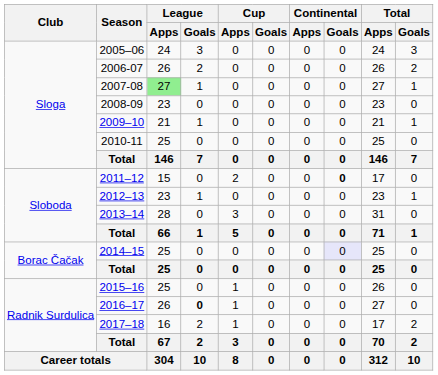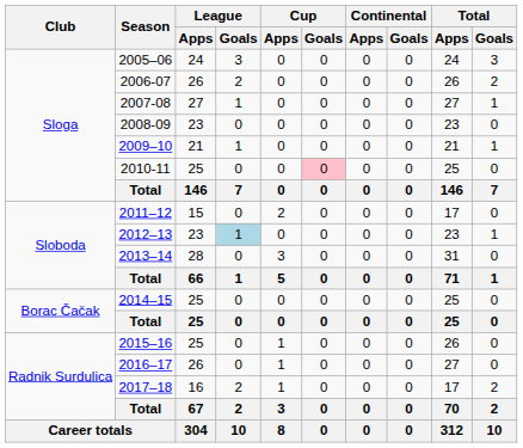 <table class="wikitable" style="text-align:center">
 <tr>
 <th rowspan="2">Club</th>
 <th rowspan="2">Season</th>
 <th colspan="2">League</th>
 <th colspan="2">Cup</th>
 <th colspan="2">Continental</th>
 <th colspan="2">Total</th>
 </tr>
 <tr>
 <th>Apps</th>
 <th>Goals</th>
 <th>Apps</th>
 <th>Goals</th>
 <th>Apps</th>
 <th>Goals</th>
 <th>Apps</th>
 <th>Goals</th>
 </tr>
 <tr>
 <td rowspan="7"><a href='#'>Sloga</a></td>
 <td>2005–06</td>
 <td>24</td>
 <td>3</td>
 <td>0</td>
 <td>0</td>
 <td>0</td>
 <td>0</td>
 <td>24</td>
 <td>3</td>
 </tr>
 <tr>
 <td>2006-07</td>
 <td>26</td>
 <td>2</td>
 <td>0</td>
 <td>0</td>
 <td>0</td>
 <td>0</td>
 <td>26</td>
 <td>2</td>
 </tr>
 <tr>
 <td>2007-08</td>
-<td style="background: lightgreen;">27</td>
+<td>27</td>
 <td>1</td>
 <td>0</td>
 <td>0</td>
 <td>0</td>
 <td>0</td>
 <td>27</td>
 <td>1</td>
 </tr>
 <tr>
 <td>2008-09</td>
 <td>23</td>
 <td>0</td>
 <td>0</td>
 <td>0</td>
 <td>0</td>
 <td>0</td>
 <td>23</td>
 <td>0</td>
 </tr>
 <tr>
 <td><a href='#'>2009–10</a></td>
 <td>21</td>
 <td>1</td>
 <td>0</td>
 <td>0</td>
 <td>0</td>
 <td>0</td>
 <td>21</td>
 <td>1</td>
 </tr>
 <tr>
 <td>2010-11</td>
 <td>25</td>
 <td>0</td>
 <td>0</td>
-<td>0</td>
+<td style="background: pink;">0</td>
 <td>0</td>
 <td>0</td>
 <td>25</td>
 <td>0</td>
 </tr>
 <tr>
 <th>Total</th>
 <th>146</th>
 <th>7</th>
 <th>0</th>
 <th>0</th>
 <th>0</th>
 <th>0</th>
 <th>146</th>
 <th>7</th>
 </tr>
 <tr>
 <td rowspan="4"><a href='#'>Sloboda</a></td>
 <td><a href='#'>2011–12</a></td>
 <td>15</td>
 <td>0</td>
 <td>2</td>
 <td>0</td>
 <td>0</td>
-<td><strong>0</strong></td>
+<td>0</td>
 <td>17</td>
 <td>0</td>
 </tr>
 <tr>
 <td><a href='#'>2012–13</a></td>
 <td>23</td>
-<td>1</td>
+<td style="background: lightblue;">1</td>
 <td>0</td>
 <td>0</td>
 <td>0</td>
 <td>0</td>
 <td>23</td>
 <td>1</td>
 </tr>
 <tr>
 <td><a href='#'>2013–14</a></td>
 <td>28</td>
 <td>0</td>
 <td>3</td>
 <td>0</td>
 <td>0</td>
 <td>0</td>
 <td>31</td>
 <td>0</td>
 </tr>
 <tr>
 <th>Total</th>
 <th>66</th>
 <th>1</th>
 <th>5</th>
 <th>0</th>
 <th>0</th>
 <th>0</th>
 <th>71</th>
 <th>1</th>
 </tr>
 <tr>
 <td rowspan="2"><a href='#'>Borac Čačak</a></td>
 <td><a href='#'>2014–15</a></td>
 <td>25</td>
 <td>0</td>
 <td>0</td>
 <td>0</td>
 <td>0</td>
-<td style="background: lavender;">0</td>
+<td>0</td>
 <td>25</td>
 <td>0</td>
 </tr>
 <tr>
 <th>Total</th>
 <th>25</th>
 <th>0</th>
 <th>0</th>
 <th>0</th>
 <th>0</th>
 <th>0</th>
 <th>25</th>
 <th>0</th>
 </tr>
 <tr>
 <td rowspan="4"><a href='#'>Radnik Surdulica</a></td>
 <td><a href='#'>2015–16</a></td>
 <td>25</td>
 <td>0</td>
 <td>1</td>
 <td>0</td>
 <td>0</td>
 <td>0</td>
 <td>26</td>
 <td>0</td>
 </tr>
 <tr>
 <td><a href='#'>2016–17</a></td>
 <td>26</td>
-<td><strong>0</strong></td>
+<td>0</td>
 <td>1</td>
 <td>0</td>
 <td>0</td>
 <td>0</td>
 <td>27</td>
 <td>0</td>
 </tr>
 <tr>
 <td><a href='#'>2017–18</a></td>
 <td>16</td>
 <td>2</td>
 <td>1</td>
 <td>0</td>
 <td>0</td>
 <td>0</td>
 <td>17</td>
 <td>2</td>
 </tr>
 <tr>
 <th>Total</th>
 <th>67</th>
 <th>2</th>
 <th>3</th>
 <th>0</th>
 <th>0</th>
 <th>0</th>
 <th>70</th>
 <th>2</th>
 </tr>
 <tr>
 <th colspan="2">Career totals</th>
 <th>304</th>
 <th>10</th>
 <th>8</th>
 <th>0</th>
 <th>0</th>
 <th>0</th>
 <th>312</th>
 <th>10</th>
 </tr>
 </table>
